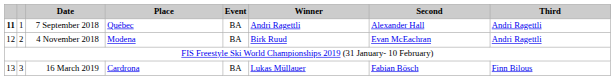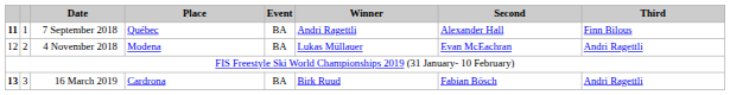 <table class="wikitable plainrowheaders" style="background:#fff; font-size:86%; line-height:16px; border:grey solid 1px; border-collapse:collapse;">
 <tr style="background:#ccc; text-align:center;">
 <th scope="col" style="background:#ccc; width=20 px;"></th>
 <th scope="col" style="background:#ccc; width=30 px;"></th>
 <th scope="col" style="background:#ccc; width:120px;">Date</th>
 <th scope="col" style="background:#ccc; width:180px;">Place</th>
 <th scope="col" style="background:#ccc; width:15px;">Event</th>
 <th scope="col" style="background:#ccc; width:185px;">Winner</th>
 <th scope="col" style="background:#ccc; width:185px;">Second</th>
 <th scope="col" style="background:#ccc; width:185px;">Third</th>
 </tr>
 <tr>
 <td align=center><strong>11</strong></td>
 <td align=center>1</td>
 <td align=right>7 September 2018  </td>
 <td> <a href='#'>Québec</a></td>
 <td align=center>BA</td>
 <td> <a href='#'>Andri Ragettli</a></td>
 <td> <a href='#'>Alexander Hall</a></td>
-<td> <a href='#'>Andri Ragettli</a></td>
+<td> <a href='#'>Finn Bilous</a></td>
 </tr>
 <tr>
 <td align=center>12</td>
 <td align=center>2</td>
 <td align=right>4 November 2018  </td>
 <td> <a href='#'>Modena</a></td>
 <td align=center>BA</td>
-<td> <a href='#'>Birk Ruud</a></td>
+<td> <a href='#'>Lukas Müllauer</a></td>
 <td> <a href='#'>Evan McEachran</a></td>
 <td> <a href='#'>Andri Ragettli</a></td>
 </tr>
 <tr>
 <td colspan="8" align="middle"><a href='#'>FIS Freestyle Ski World Championships 2019</a>  (31 January- 10 February)</td>
 </tr>
 <tr>
-<td align=center>13</td>
+<td align=center><strong>13</strong></td>
 <td align=center>3</td>
 <td align=right>16 March 2019  </td>
 <td> <a href='#'>Cardrona</a></td>
 <td align=center>BA</td>
-<td> <a href='#'>Lukas Müllauer</a></td>
+<td> <a href='#'>Birk Ruud</a></td>
 <td> <a href='#'>Fabian Bösch</a></td>
-<td> <a href='#'>Finn Bilous</a></td>
+<td> <a href='#'>Andri Ragettli</a></td>
 </tr>
 </table>
